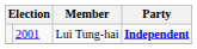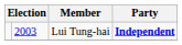 <table class="wikitable">
 <tr>
 <th colspan="2">Election</th>
 <th>Member</th>
 <th>Party</th>
 </tr>
 <tr>
 <td style="background-color:"></td>
-<td><a href='#'>2001</a></td>
+<td><a href='#'>2003</a></td>
 <td>Lui Tung-hai</td>
 <td><strong><a href='#'>Independent</a></strong></td>
 </tr>
 <tr>
 </tr>
 </table>
